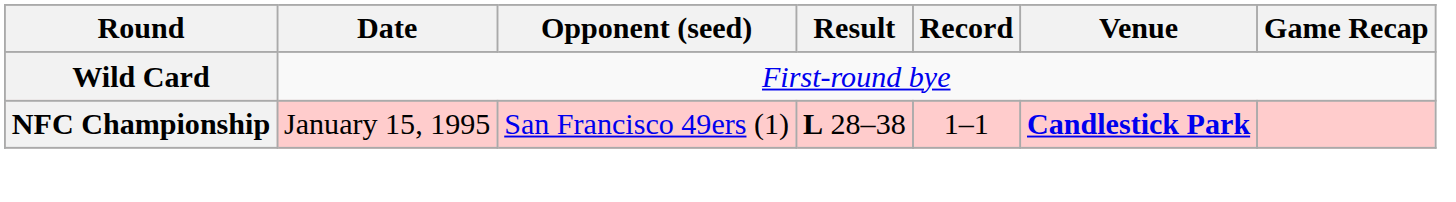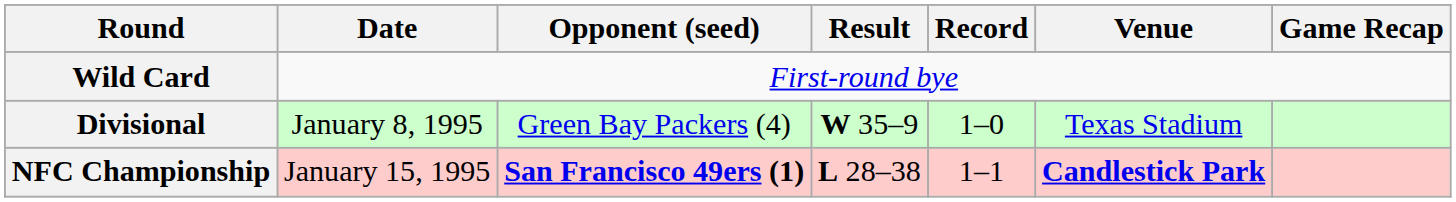 <table class="wikitable" style="text-align:center">
 <tr>
 <th>Round</th>
 <th>Date</th>
 <th>Opponent (seed)</th>
 <th>Result</th>
 <th>Record</th>
 <th>Venue</th>
 <th>Game Recap</th>
 </tr>
 <tr>
 <th>Wild Card</th>
 <td colspan=6><em><a href='#'>First-round bye</a></em></td>
 </tr>
+<tr style="background:#cfc">
+<th>Divisional</th>
+<td>January 8, 1995</td>
+<td><a href='#'>Green Bay Packers</a> (4)</td>
+<td><strong>W</strong> 35–9</td>
+<td>1–0</td>
+<td><a href='#'>Texas Stadium</a></td>
+<td></td>
+</tr>
 <tr style="background:#fcc">
 <th>NFC Championship</th>
 <td>January 15, 1995</td>
-<td><a href='#'>San Francisco 49ers</a> (1)</td>
+<td><strong><a href='#'>San Francisco 49ers</a> (1)</strong></td>
 <td><strong>L</strong> 28–38</td>
 <td>1–1</td>
 <td><strong><a href='#'>Candlestick Park</a></strong></td>
 <td></td>
 </tr>
 </table>
